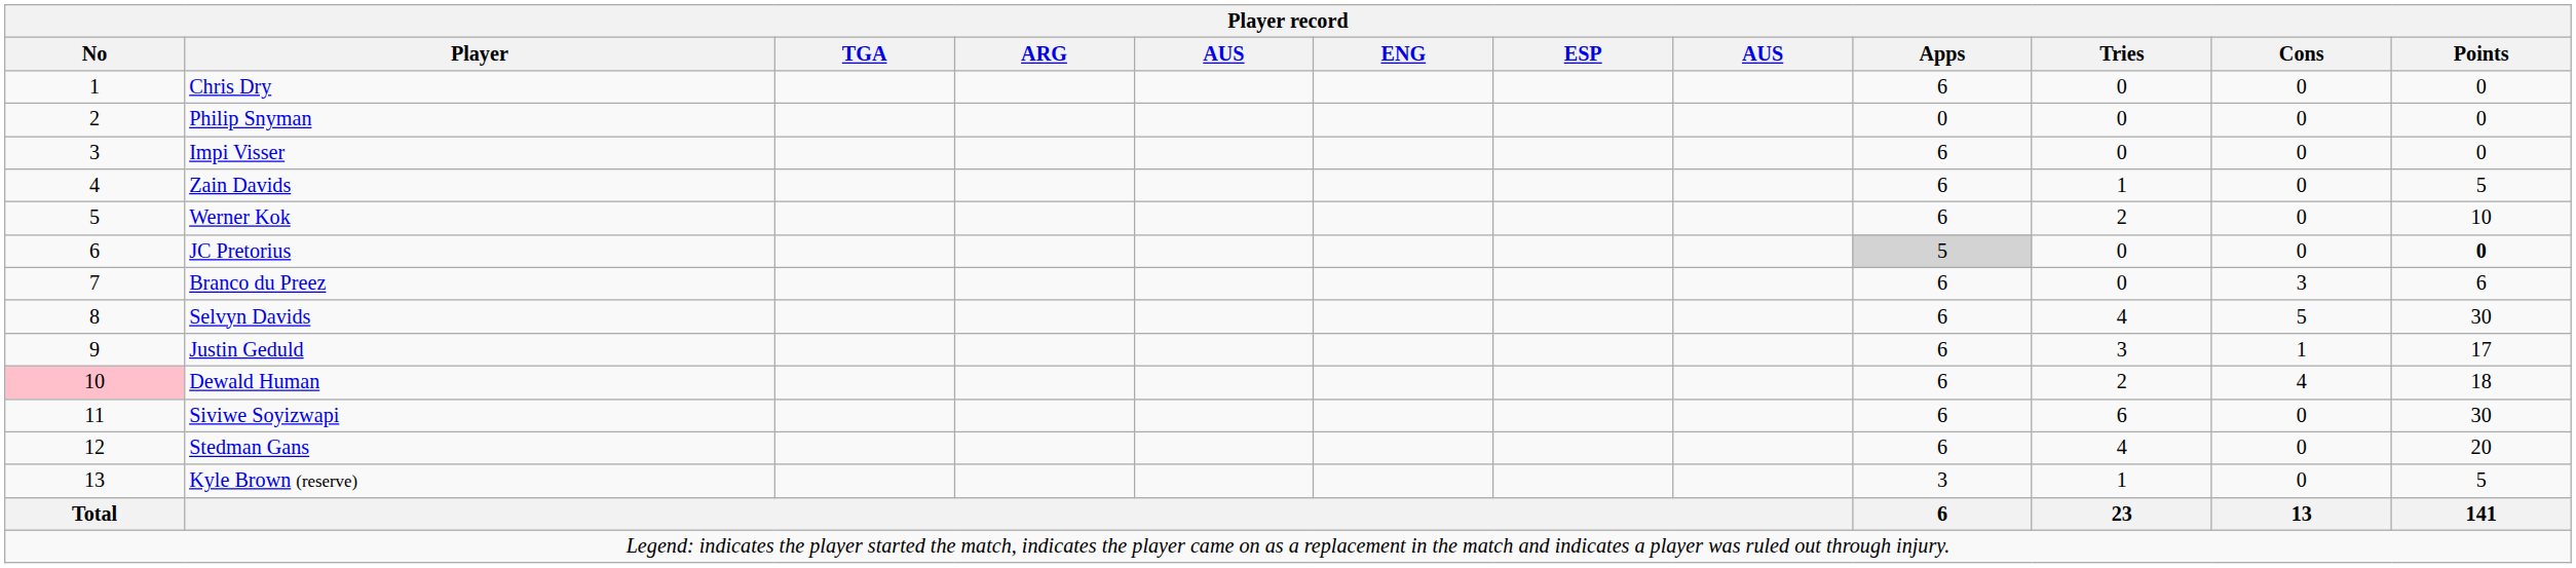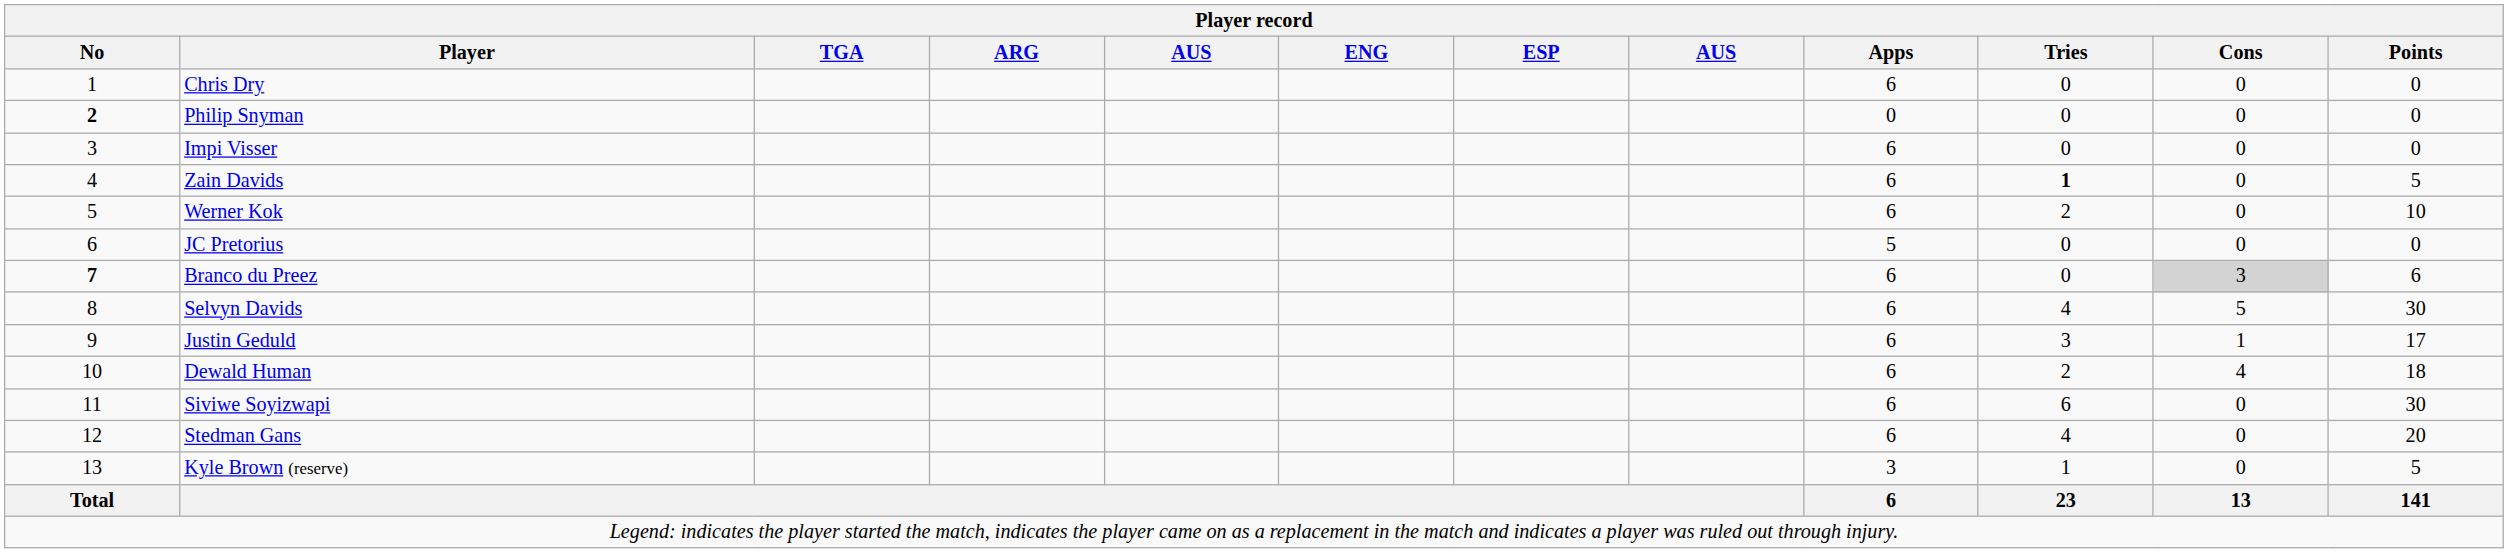 <table class="wikitable" style="text-align:center; width:100%">
 <tr>
 <th colspan="100%">Player record</th>
 </tr>
 <tr>
 <th style="width:7%;">No</th>
 <th style="width:23%;">Player</th>
 <th style="width:7%;"><a href='#'>TGA</a></th>
 <th style="width:7%;"><a href='#'>ARG</a></th>
 <th style="width:7%;"><a href='#'>AUS</a></th>
 <th style="width:7%;"><a href='#'>ENG</a></th>
 <th style="width:7%;"><a href='#'>ESP</a></th>
 <th style="width:7%;"><a href='#'>AUS</a></th>
 <th style="width:7%;">Apps</th>
 <th style="width:7%;">Tries</th>
 <th style="width:7%;">Cons</th>
 <th style="width:7%;">Points</th>
 </tr>
 <tr>
 <td>1</td>
 <td style="text-align:left;"><a href='#'>Chris Dry</a></td>
 <td></td>
 <td></td>
 <td></td>
 <td></td>
 <td></td>
 <td></td>
 <td>6</td>
 <td>0</td>
 <td>0</td>
 <td>0</td>
 </tr>
 <tr>
-<td>2</td>
+<td><strong>2</strong></td>
 <td style="text-align:left;"><a href='#'>Philip Snyman</a></td>
 <td></td>
 <td></td>
 <td></td>
 <td></td>
 <td></td>
 <td></td>
 <td>0</td>
 <td>0</td>
 <td>0</td>
 <td>0</td>
 </tr>
 <tr>
 <td>3</td>
 <td style="text-align:left;"><a href='#'>Impi Visser</a></td>
 <td></td>
 <td></td>
 <td></td>
 <td></td>
 <td></td>
 <td></td>
 <td>6</td>
 <td>0</td>
 <td>0</td>
 <td>0</td>
 </tr>
 <tr>
 <td>4</td>
 <td style="text-align:left;"><a href='#'>Zain Davids</a></td>
 <td></td>
 <td></td>
 <td></td>
 <td></td>
 <td></td>
 <td></td>
 <td>6</td>
-<td>1</td>
+<td><strong>1</strong></td>
 <td>0</td>
 <td>5</td>
 </tr>
 <tr>
 <td>5</td>
 <td style="text-align:left;"><a href='#'>Werner Kok</a></td>
 <td></td>
 <td></td>
 <td></td>
 <td></td>
 <td></td>
 <td></td>
 <td>6</td>
 <td>2</td>
 <td>0</td>
 <td>10</td>
 </tr>
 <tr>
 <td>6</td>
 <td style="text-align:left;"><a href='#'>JC Pretorius</a></td>
 <td></td>
 <td></td>
 <td></td>
 <td></td>
 <td></td>
 <td></td>
-<td style="background: lightgrey;">5</td>
+<td>5</td>
 <td>0</td>
 <td>0</td>
-<td><strong>0</strong></td>
+<td>0</td>
 </tr>
 <tr>
-<td>7</td>
+<td><strong>7</strong></td>
 <td style="text-align:left;"><a href='#'>Branco du Preez</a></td>
 <td></td>
 <td></td>
 <td></td>
 <td></td>
 <td></td>
 <td></td>
 <td>6</td>
 <td>0</td>
-<td>3</td>
+<td style="background: lightgrey;">3</td>
 <td>6</td>
 </tr>
 <tr>
 <td>8</td>
 <td style="text-align:left;"><a href='#'>Selvyn Davids</a></td>
 <td></td>
 <td></td>
 <td></td>
 <td></td>
 <td></td>
 <td></td>
 <td>6</td>
 <td>4</td>
 <td>5</td>
 <td>30</td>
 </tr>
 <tr>
 <td>9</td>
 <td style="text-align:left;"><a href='#'>Justin Geduld</a></td>
 <td></td>
 <td></td>
 <td></td>
 <td></td>
 <td></td>
 <td></td>
 <td>6</td>
 <td>3</td>
 <td>1</td>
 <td>17</td>
 </tr>
 <tr>
-<td style="background: pink;">10</td>
+<td>10</td>
 <td style="text-align:left;"><a href='#'>Dewald Human</a></td>
 <td></td>
 <td></td>
 <td></td>
 <td></td>
 <td></td>
 <td></td>
 <td>6</td>
 <td>2</td>
 <td>4</td>
 <td>18</td>
 </tr>
 <tr>
 <td>11</td>
 <td style="text-align:left;"><a href='#'>Siviwe Soyizwapi</a></td>
 <td></td>
 <td></td>
 <td></td>
 <td></td>
 <td></td>
 <td></td>
 <td>6</td>
 <td>6</td>
 <td>0</td>
 <td>30</td>
 </tr>
 <tr>
 <td>12</td>
 <td style="text-align:left;"><a href='#'>Stedman Gans</a></td>
 <td></td>
 <td></td>
 <td></td>
 <td></td>
 <td></td>
 <td></td>
 <td>6</td>
 <td>4</td>
 <td>0</td>
 <td>20</td>
 </tr>
 <tr>
 <td>13</td>
 <td style="text-align:left;"><a href='#'>Kyle Brown</a> <small>(reserve)</small></td>
 <td></td>
 <td></td>
 <td></td>
 <td></td>
 <td></td>
 <td></td>
 <td>3</td>
 <td>1</td>
 <td>0</td>
 <td>5</td>
 </tr>
 <tr>
 <th>Total</th>
 <th colspan="7"></th>
 <th>6</th>
 <th>23</th>
 <th>13</th>
 <th>141</th>
 </tr>
 <tr>
 <td colspan="100%"><em>Legend: <span></span> indicates the player started the match, <span></span> indicates the player came on as a replacement in the match and  indicates a player was ruled out through injury.</em></td>
 </tr>
 </table>
